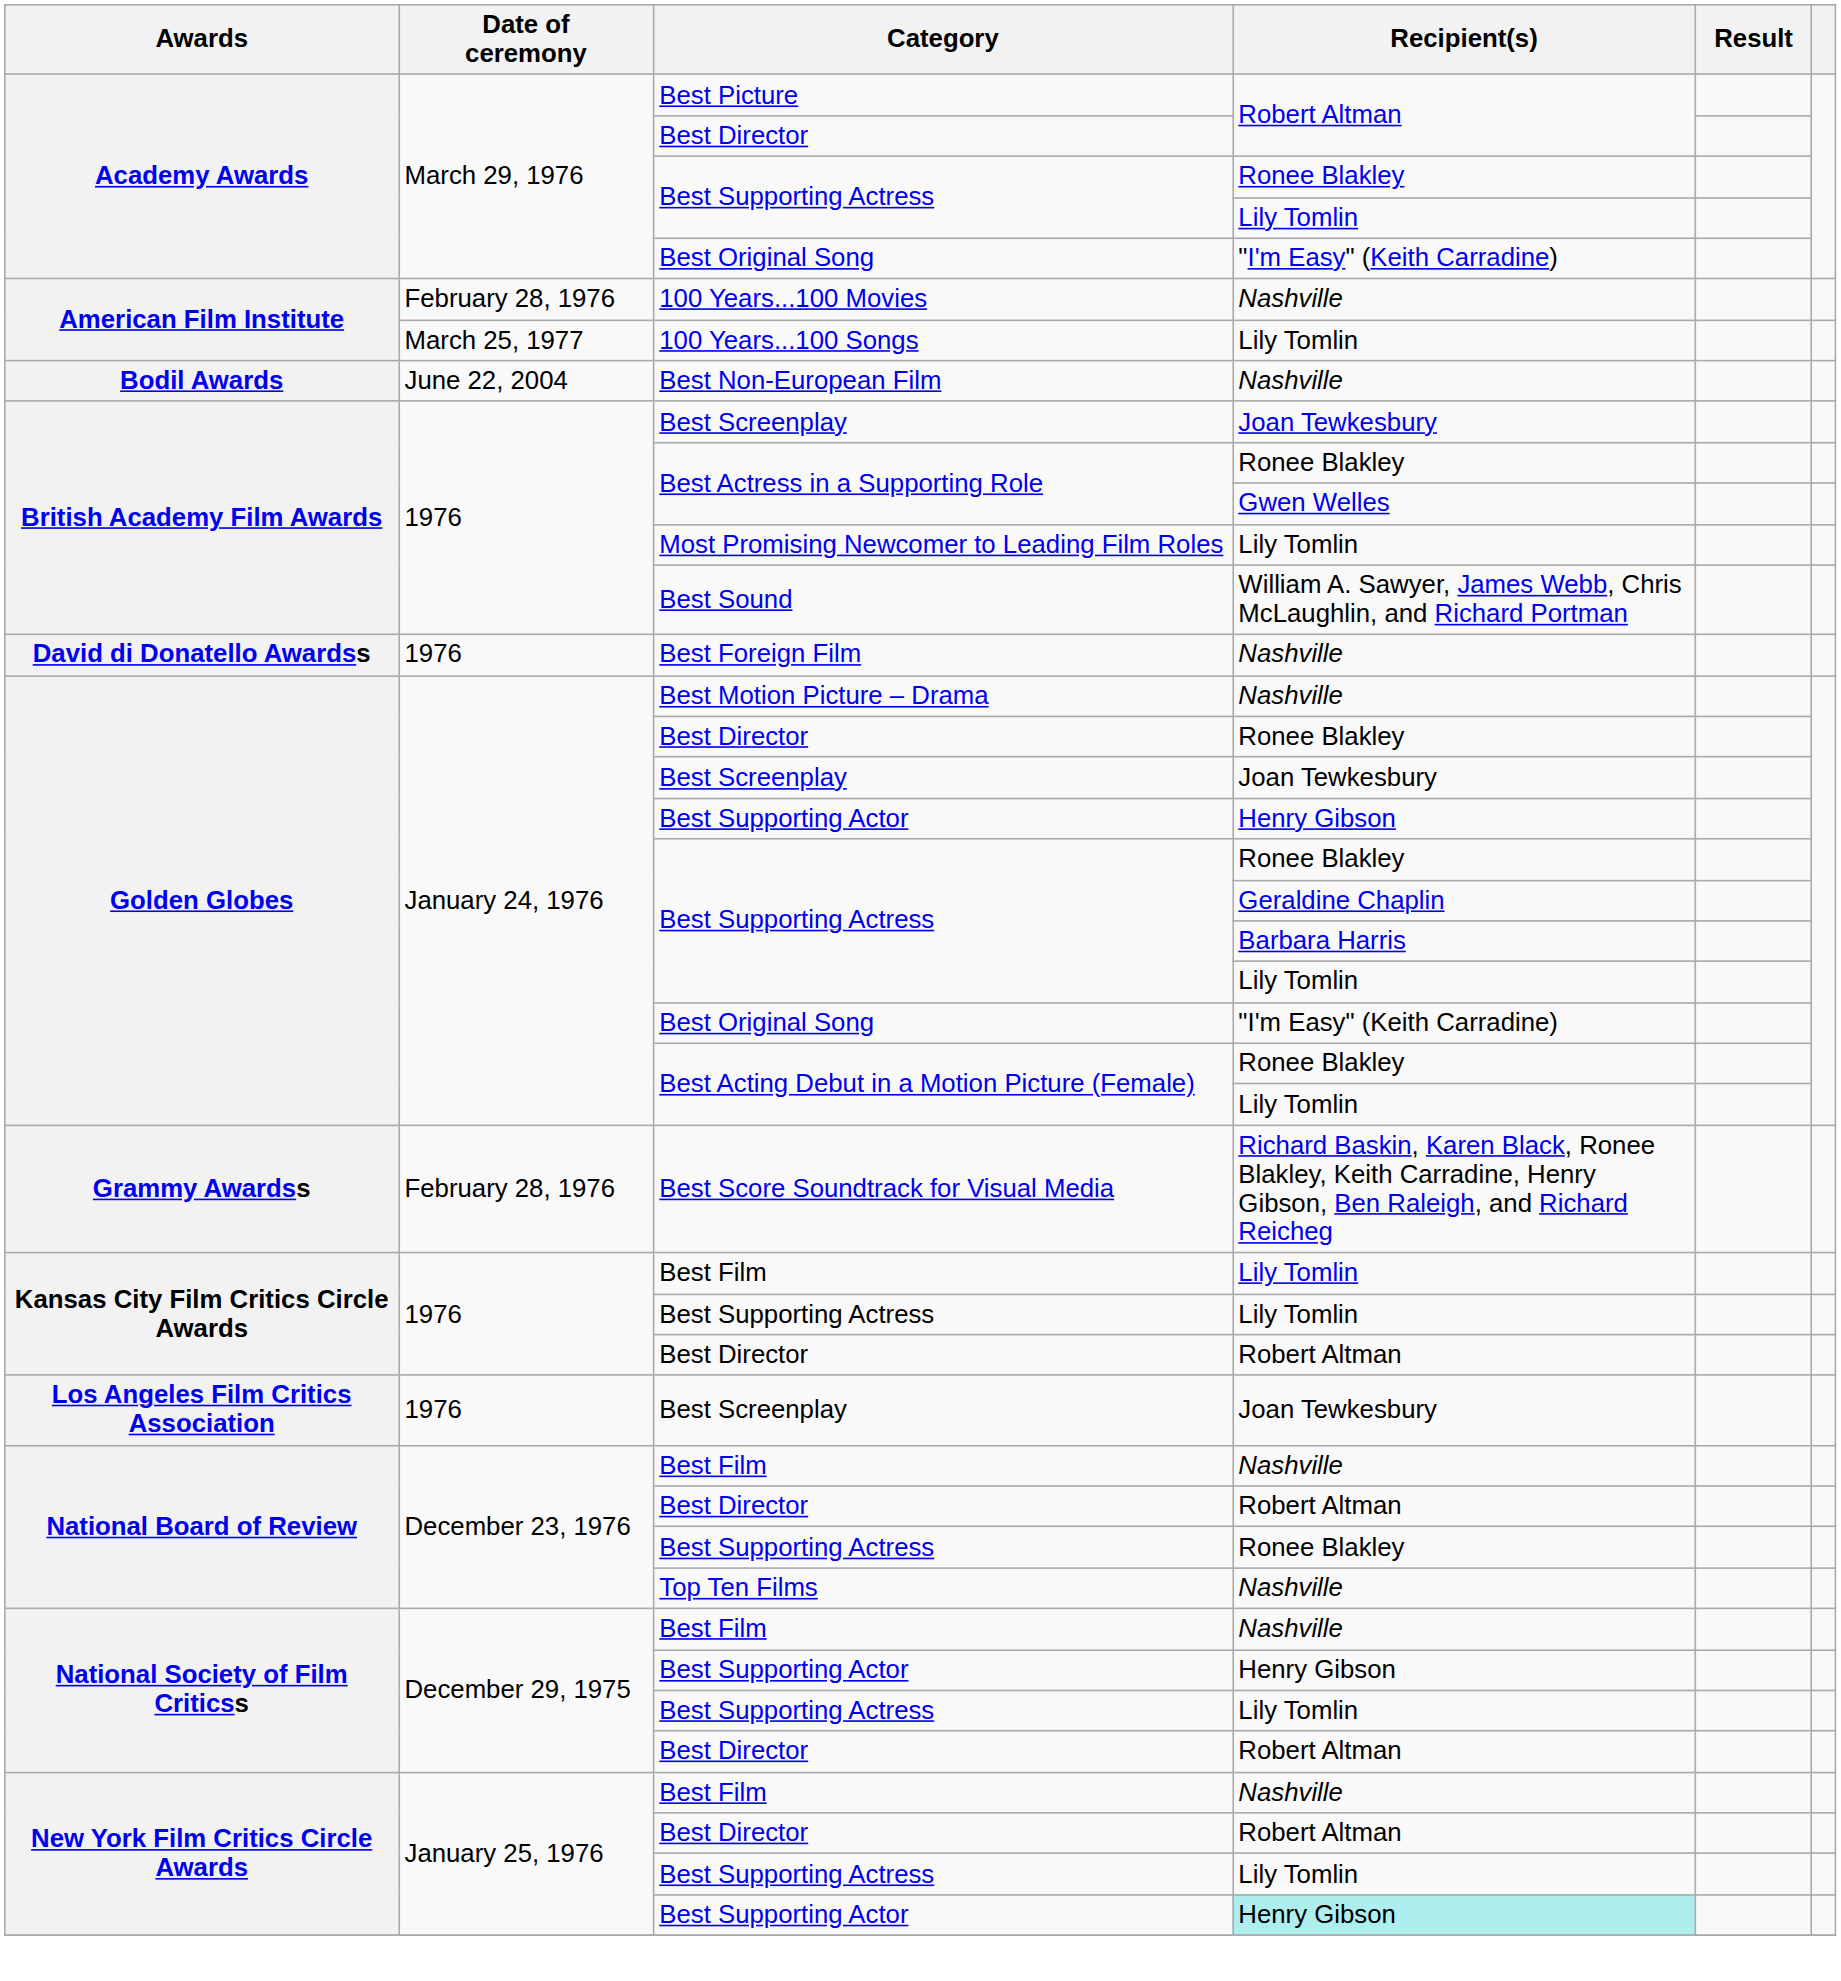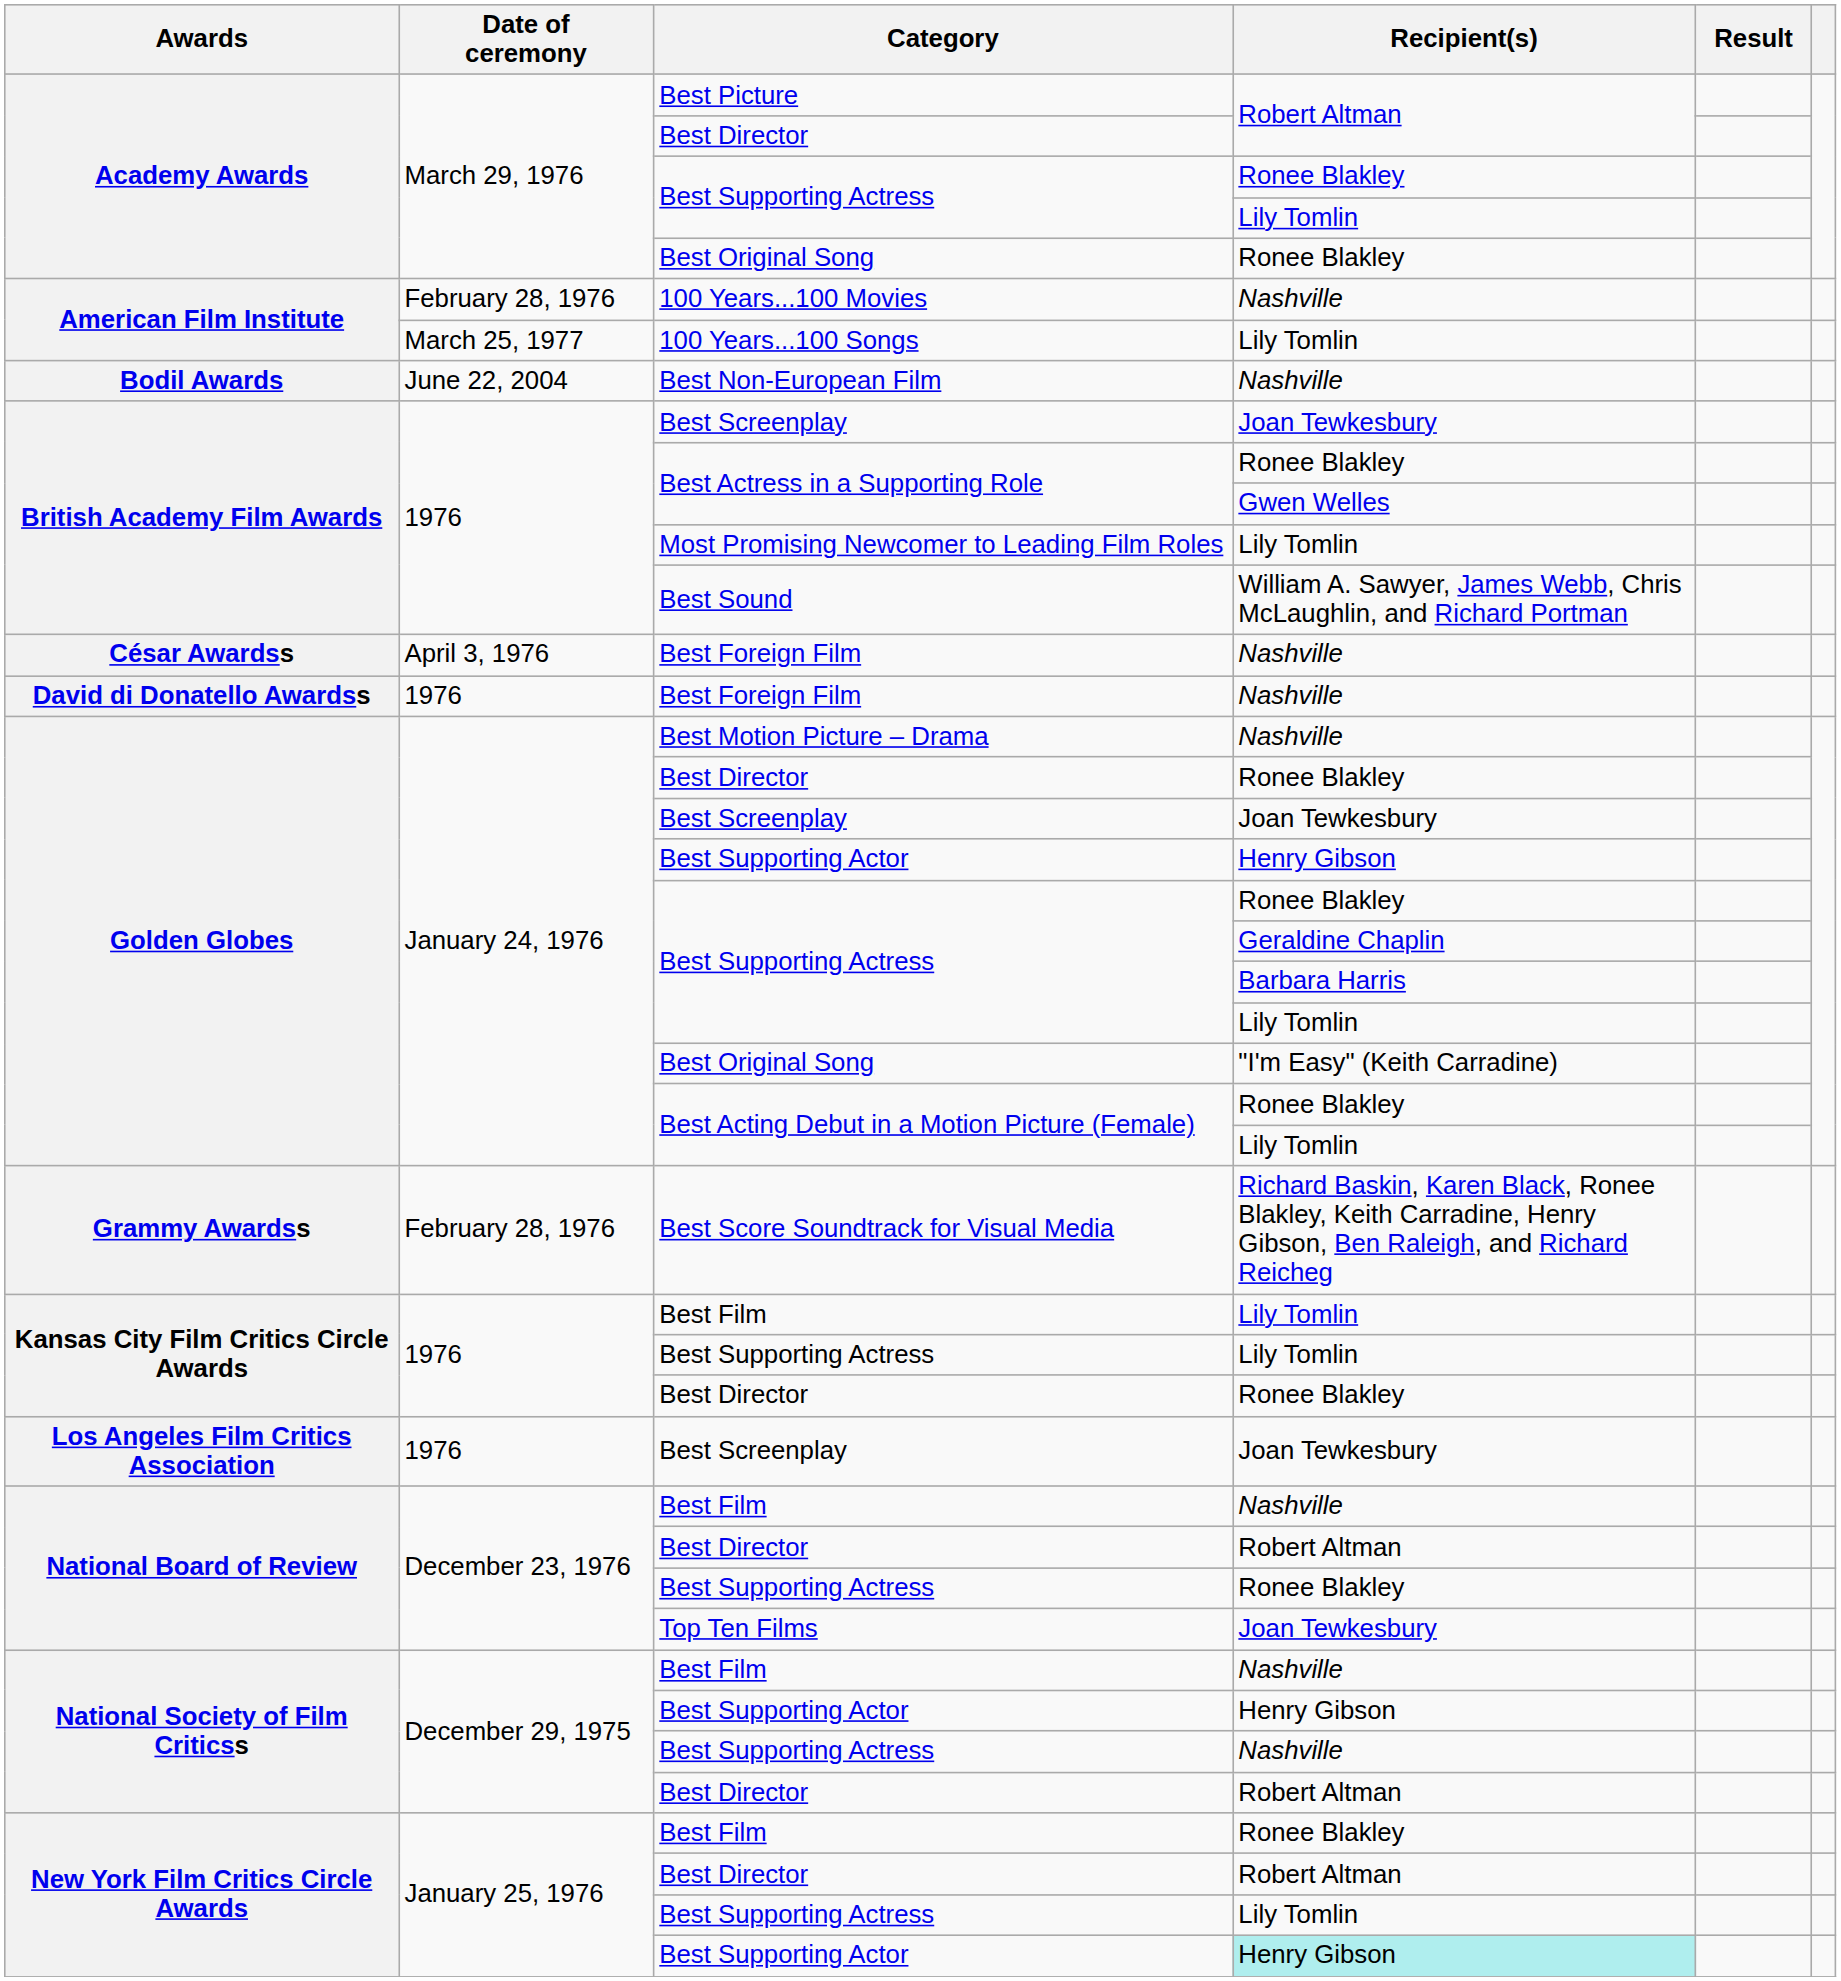 <table class="wikitable plainrowheaders sortable" style="width:90%;">
 <tr>
 <th width=17%>Awards</th>
 <th style="width:11%;">Date of <br>ceremony</th>
 <th style="width:25%;">Category</th>
 <th style="width:20%;">Recipient(s)</th>
 <th style="width:5%;">Result</th>
 <th class="unsortable" width=1%></th>
 </tr>
 <tr>
 <th scope="row" rowspan="5"><a href='#'>Academy Awards</a></th>
 <td rowspan="5">March 29, 1976</td>
 <td><a href='#'>Best Picture</a></td>
 <td rowspan=2><a href='#'>Robert Altman</a></td>
 <td></td>
 <td rowspan="5" style="text-align:center;"></td>
 </tr>
 <tr>
 <td><a href='#'>Best Director</a></td>
 <td></td>
 </tr>
 <tr>
 <td rowspan="2"><a href='#'>Best Supporting Actress</a></td>
 <td><a href='#'>Ronee Blakley</a></td>
 <td></td>
 </tr>
 <tr>
 <td><a href='#'>Lily Tomlin</a></td>
 <td></td>
 </tr>
 <tr>
 <td><a href='#'>Best Original Song</a></td>
-<td>"<a href='#'>I'm Easy</a>" (<a href='#'>Keith Carradine</a>)</td>
+<td>Ronee Blakley</td>
 <td></td>
 </tr>
 <tr>
 <th scope="row" rowspan="2"><a href='#'>American Film Institute</a></th>
 <td>February 28, 1976</td>
 <td><a href='#'>100 Years...100 Movies</a></td>
 <td><em>Nashville</em></td>
 <td></td>
 <td style="text-align:center;"></td>
 </tr>
 <tr>
 <td>March 25, 1977</td>
 <td><a href='#'>100 Years...100 Songs</a></td>
 <td>Lily Tomlin</td>
 <td></td>
 <td style="text-align:center;"></td>
 </tr>
 <tr>
 <th scope="row"><a href='#'>Bodil Awards</a></th>
 <td>June 22, 2004</td>
 <td><a href='#'>Best Non-European Film</a></td>
 <td><em>Nashville</em></td>
 <td></td>
 <td style="text-align:center;"></td>
 </tr>
 <tr>
 <th scope="row" rowspan="5"><a href='#'>British Academy Film Awards</a></th>
 <td rowspan="5">1976</td>
 <td><a href='#'>Best Screenplay</a></td>
 <td><a href='#'>Joan Tewkesbury</a></td>
 <td></td>
 <td style="text-align:center;"></td>
 </tr>
 <tr>
 <td rowspan="2"><a href='#'>Best Actress in a Supporting Role</a></td>
 <td>Ronee Blakley</td>
 <td></td>
 <td style="text-align:center;"></td>
 </tr>
 <tr>
 <td><a href='#'>Gwen Welles</a></td>
 <td></td>
 <td style="text-align:center;"></td>
 </tr>
 <tr>
 <td><a href='#'>Most Promising Newcomer to Leading Film Roles</a></td>
 <td>Lily Tomlin</td>
 <td></td>
 <td style="text-align:center;"></td>
 </tr>
 <tr>
 <td><a href='#'>Best Sound</a></td>
 <td>William A. Sawyer, <a href='#'>James Webb</a>, Chris McLaughlin, and <a href='#'>Richard Portman</a></td>
+<td></td>
+<td style="text-align:center;"></td>
+</tr>
+<tr>
+<th scope="row"><a href='#'>César Awards</a>s</th>
+<td>April 3, 1976</td>
+<td><a href='#'>Best Foreign Film</a></td>
+<td><em>Nashville</em></td>
 <td></td>
 <td style="text-align:center;"></td>
 </tr>
 <tr>
 <th scope="row"><a href='#'>David di Donatello Awards</a>s</th>
 <td>1976</td>
 <td><a href='#'>Best Foreign Film</a></td>
 <td><em>Nashville</em></td>
 <td></td>
 <td style="text-align:center;"></td>
 </tr>
 <tr>
 <th scope="row" rowspan="11"><a href='#'>Golden Globes</a></th>
 <td rowspan="11">January 24, 1976</td>
 <td><a href='#'>Best Motion Picture – Drama</a></td>
 <td><em>Nashville</em></td>
 <td></td>
 <td rowspan="11" style="text-align:center;"></td>
 </tr>
 <tr>
 <td><a href='#'>Best Director</a></td>
 <td>Ronee Blakley</td>
 <td></td>
 </tr>
 <tr>
 <td><a href='#'>Best Screenplay</a></td>
 <td>Joan Tewkesbury</td>
 <td></td>
 </tr>
 <tr>
 <td><a href='#'>Best Supporting Actor</a></td>
 <td><a href='#'>Henry Gibson</a></td>
 <td></td>
 </tr>
 <tr>
 <td rowspan="4"><a href='#'>Best Supporting Actress</a></td>
 <td>Ronee Blakley</td>
 <td></td>
 </tr>
 <tr>
 <td><a href='#'>Geraldine Chaplin</a></td>
 <td></td>
 </tr>
 <tr>
 <td><a href='#'>Barbara Harris</a></td>
 <td></td>
 </tr>
 <tr>
 <td>Lily Tomlin</td>
 <td></td>
 </tr>
 <tr>
 <td><a href='#'>Best Original Song</a></td>
 <td>"I'm Easy" (Keith Carradine)</td>
 <td></td>
 </tr>
 <tr>
 <td rowspan="2"><a href='#'>Best Acting Debut in a Motion Picture (Female)</a></td>
 <td>Ronee Blakley</td>
 <td></td>
 </tr>
 <tr>
 <td>Lily Tomlin</td>
 <td></td>
 </tr>
 <tr>
 <th scope="row"><a href='#'>Grammy Awards</a>s</th>
 <td>February 28, 1976</td>
 <td><a href='#'>Best Score Soundtrack for Visual Media</a></td>
 <td><a href='#'>Richard Baskin</a>, <a href='#'>Karen Black</a>, Ronee Blakley,  Keith Carradine, Henry Gibson, <a href='#'>Ben Raleigh</a>, and <a href='#'>Richard Reicheg</a></td>
 <td></td>
 <td style="text-align:center;"></td>
 </tr>
 <tr>
 <th scope="row" rowspan="3">Kansas City Film Critics Circle Awards</th>
 <td rowspan="3">1976</td>
 <td>Best Film</td>
 <td><a href='#'>Lily Tomlin</a></td>
 <td></td>
 <td style="text-align:center;"></td>
 </tr>
 <tr>
 <td>Best Supporting Actress</td>
 <td>Lily Tomlin</td>
 <td></td>
 <td style="text-align:center;"></td>
 </tr>
 <tr>
 <td>Best Director</td>
-<td>Robert Altman</td>
+<td>Ronee Blakley</td>
 <td></td>
 <td style="text-align:center;"></td>
 </tr>
 <tr>
 <th scope="row"><a href='#'>Los Angeles Film Critics Association</a></th>
 <td>1976</td>
 <td>Best Screenplay</td>
 <td>Joan Tewkesbury</td>
 <td></td>
 <td style="text-align:center;"></td>
 </tr>
 <tr>
 <th rowspan="4" scope="row"><a href='#'>National Board of Review</a></th>
 <td rowspan="4">December 23, 1976</td>
 <td><a href='#'>Best Film</a></td>
 <td><em>Nashville</em></td>
 <td></td>
 <td style="text-align:center;"></td>
 </tr>
 <tr>
 <td><a href='#'>Best Director</a></td>
 <td>Robert Altman</td>
 <td></td>
 <td style="text-align:center;"></td>
 </tr>
 <tr>
 <td><a href='#'>Best Supporting Actress</a></td>
 <td>Ronee Blakley</td>
 <td></td>
 <td style="text-align:center;"></td>
 </tr>
 <tr>
 <td><a href='#'>Top Ten Films</a></td>
-<td><em>Nashville</em></td>
+<td><a href='#'>Joan Tewkesbury</a></td>
 <td></td>
 <td style="text-align:center;"></td>
 </tr>
 <tr>
 <th scope="row" rowspan="4"><a href='#'>National Society of Film Critics</a>s</th>
 <td rowspan="4">December 29, 1975</td>
 <td><a href='#'>Best Film</a></td>
 <td><em>Nashville</em></td>
 <td></td>
 <td style="text-align:center;"></td>
 </tr>
 <tr>
 <td><a href='#'>Best Supporting Actor</a></td>
 <td>Henry Gibson</td>
 <td></td>
 <td style="text-align:center;"></td>
 </tr>
 <tr>
 <td><a href='#'>Best Supporting Actress</a></td>
-<td>Lily Tomlin</td>
+<td><em>Nashville</em></td>
 <td></td>
 <td style="text-align:center;"></td>
 </tr>
 <tr>
 <td><a href='#'>Best Director</a></td>
 <td>Robert Altman</td>
 <td></td>
 <td style="text-align:center;"></td>
 </tr>
 <tr>
 <th scope="row" rowspan="4"><a href='#'>New York Film Critics Circle Awards</a></th>
 <td rowspan="4">January 25, 1976</td>
 <td><a href='#'>Best Film</a></td>
-<td><em>Nashville</em></td>
+<td>Ronee Blakley</td>
 <td></td>
 <td style="text-align:center;"></td>
 </tr>
 <tr>
 <td><a href='#'>Best Director</a></td>
 <td>Robert Altman</td>
 <td></td>
 <td style="text-align:center;"></td>
 </tr>
 <tr>
 <td><a href='#'>Best Supporting Actress</a></td>
 <td>Lily Tomlin</td>
 <td></td>
 <td style="text-align:center;"></td>
 </tr>
 <tr>
 <td><a href='#'>Best Supporting Actor</a></td>
 <td style="background: paleturquoise;">Henry Gibson</td>
 <td></td>
 <td style="text-align:center;"></td>
 </tr>
 <tr>
 </tr>
 </table>
